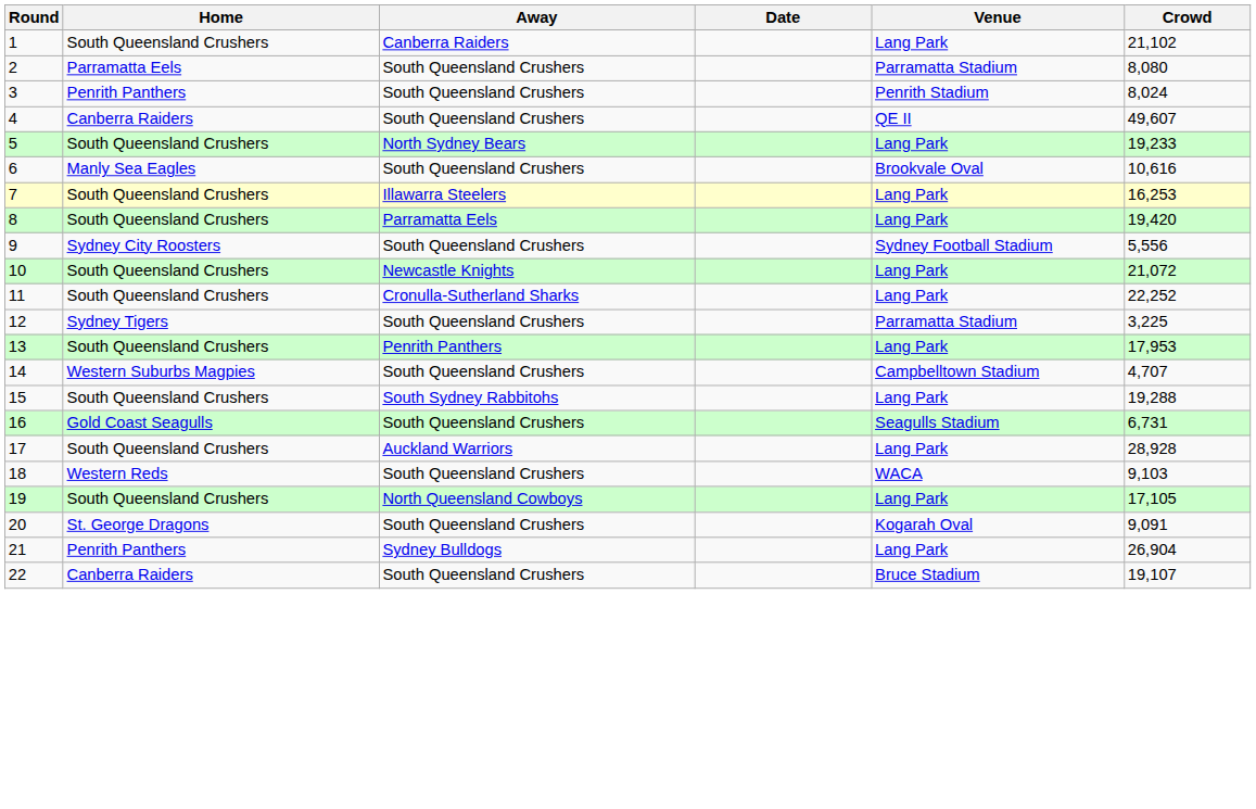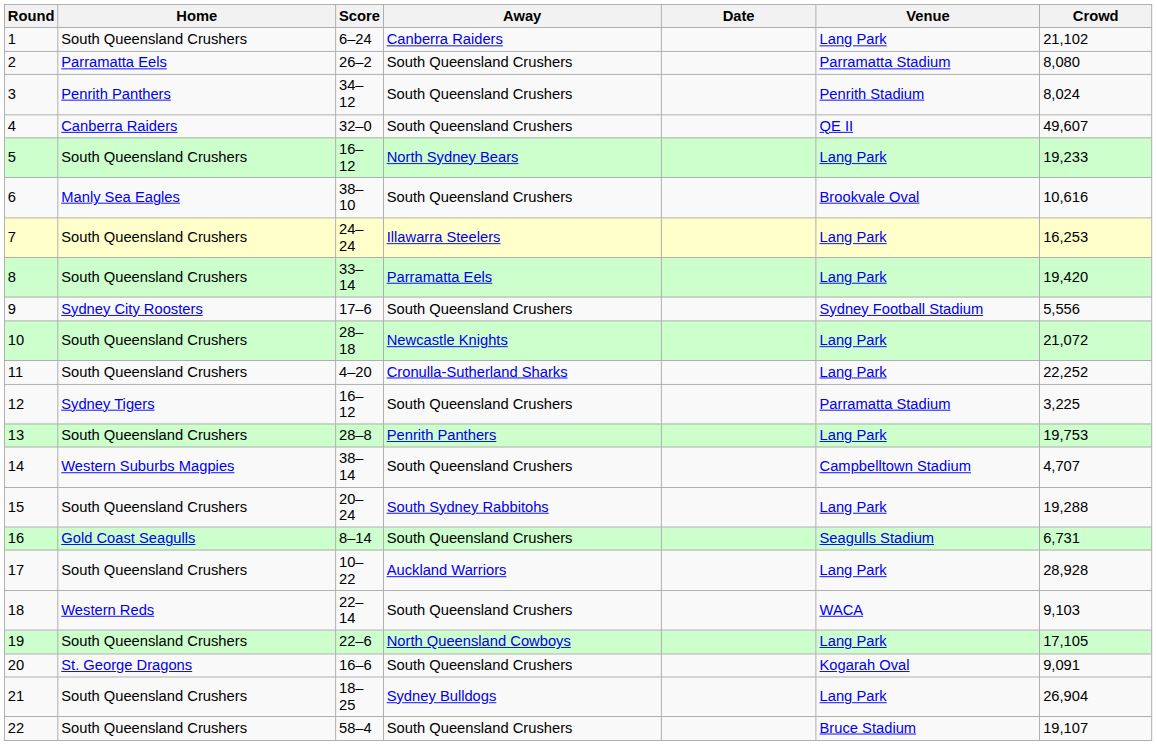 <table class="wikitable sortable">
 <tr>
 <th width=2%>Round</th>
 <th width=25%>Home</th>
+<th width=4%>Score</th>
 <th width=25%>Away</th>
 <th width=14%>Date</th>
 <th width=20%>Venue</th>
 <th width=10%>Crowd</th>
 </tr>
 <tr>
 <td>1</td>
 <td align=left>South Queensland Crushers</td>
+<td>6–24</td>
 <td align=left><a href='#'>Canberra Raiders</a></td>
 <td></td>
 <td><a href='#'>Lang Park</a></td>
 <td>21,102</td>
 </tr>
 <tr>
 <td>2</td>
 <td align=left><a href='#'>Parramatta Eels</a></td>
+<td>26–2</td>
 <td align=left>South Queensland Crushers</td>
 <td></td>
 <td><a href='#'>Parramatta Stadium</a></td>
 <td>8,080</td>
 </tr>
 <tr>
 <td>3</td>
 <td align=left><a href='#'>Penrith Panthers</a></td>
+<td>34–12</td>
 <td align=left>South Queensland Crushers</td>
 <td></td>
 <td><a href='#'>Penrith Stadium</a></td>
 <td>8,024</td>
 </tr>
 <tr>
 <td>4</td>
 <td align=left><a href='#'>Canberra Raiders</a></td>
+<td>32–0</td>
 <td align=left>South Queensland Crushers</td>
 <td></td>
 <td><a href='#'>QE II</a></td>
 <td>49,607</td>
 </tr>
 <tr bgcolor=#ccffcc>
 <td>5</td>
 <td align=left>South Queensland Crushers</td>
+<td>16–12</td>
 <td align=left><a href='#'>North Sydney Bears</a></td>
 <td></td>
 <td><a href='#'>Lang Park</a></td>
 <td>19,233</td>
 </tr>
 <tr>
 <td>6</td>
 <td align=left><a href='#'>Manly Sea Eagles</a></td>
+<td>38–10</td>
 <td align=left>South Queensland Crushers</td>
 <td></td>
 <td><a href='#'>Brookvale Oval</a></td>
 <td>10,616</td>
 </tr>
 <tr bgcolor=#ffffcc>
 <td>7</td>
 <td align=left>South Queensland Crushers</td>
+<td>24–24</td>
 <td align=left><a href='#'>Illawarra Steelers</a></td>
 <td></td>
 <td><a href='#'>Lang Park</a></td>
 <td>16,253</td>
 </tr>
 <tr bgcolor=#ccffcc>
 <td>8</td>
 <td align=left>South Queensland Crushers</td>
+<td>33–14</td>
 <td align=left><a href='#'>Parramatta Eels</a></td>
 <td></td>
 <td><a href='#'>Lang Park</a></td>
 <td>19,420</td>
 </tr>
 <tr>
 <td>9</td>
 <td align=left><a href='#'>Sydney City Roosters</a></td>
+<td>17–6</td>
 <td align=left>South Queensland Crushers</td>
 <td></td>
 <td><a href='#'>Sydney Football Stadium</a></td>
 <td>5,556</td>
 </tr>
 <tr bgcolor=#ccffcc>
 <td>10</td>
 <td align=left>South Queensland Crushers</td>
+<td>28–18</td>
 <td align=left><a href='#'>Newcastle Knights</a></td>
 <td></td>
 <td><a href='#'>Lang Park</a></td>
 <td>21,072</td>
 </tr>
 <tr>
 <td>11</td>
 <td align=left>South Queensland Crushers</td>
+<td>4–20</td>
 <td align=left><a href='#'>Cronulla-Sutherland Sharks</a></td>
 <td></td>
 <td><a href='#'>Lang Park</a></td>
 <td>22,252</td>
 </tr>
 <tr>
 <td>12</td>
 <td align=left><a href='#'>Sydney Tigers</a></td>
+<td>16–12</td>
 <td align=left>South Queensland Crushers</td>
 <td></td>
 <td><a href='#'>Parramatta Stadium</a></td>
 <td>3,225</td>
 </tr>
 <tr bgcolor=#ccffcc>
 <td>13</td>
 <td align=left>South Queensland Crushers</td>
+<td>28–8</td>
 <td align=left><a href='#'>Penrith Panthers</a></td>
 <td></td>
 <td><a href='#'>Lang Park</a></td>
-<td>17,953</td>
+<td>19,753</td>
 </tr>
 <tr>
 <td>14</td>
 <td align=left><a href='#'>Western Suburbs Magpies</a></td>
+<td>38–14</td>
 <td align=left>South Queensland Crushers</td>
 <td></td>
 <td><a href='#'>Campbelltown Stadium</a></td>
 <td>4,707</td>
 </tr>
 <tr>
 <td>15</td>
 <td align=left>South Queensland Crushers</td>
+<td>20–24</td>
 <td align=left><a href='#'>South Sydney Rabbitohs</a></td>
 <td></td>
 <td><a href='#'>Lang Park</a></td>
 <td>19,288</td>
 </tr>
 <tr bgcolor=#ccffcc>
 <td>16</td>
 <td align=left><a href='#'>Gold Coast Seagulls</a></td>
+<td>8–14</td>
 <td align=left>South Queensland Crushers</td>
 <td></td>
 <td><a href='#'>Seagulls Stadium</a></td>
 <td>6,731</td>
 </tr>
 <tr>
 <td>17</td>
 <td align=left>South Queensland Crushers</td>
+<td>10–22</td>
 <td align=left><a href='#'>Auckland Warriors</a></td>
 <td></td>
 <td><a href='#'>Lang Park</a></td>
 <td>28,928</td>
 </tr>
 <tr>
 <td>18</td>
 <td align=left><a href='#'>Western Reds</a></td>
+<td>22–14</td>
 <td align=left>South Queensland Crushers</td>
 <td></td>
 <td><a href='#'>WACA</a></td>
 <td>9,103</td>
 </tr>
 <tr bgcolor=#ccffcc>
 <td>19</td>
 <td align=left>South Queensland Crushers</td>
+<td>22–6</td>
 <td align=left><a href='#'>North Queensland Cowboys</a></td>
 <td></td>
 <td><a href='#'>Lang Park</a></td>
 <td>17,105</td>
 </tr>
 <tr>
 <td>20</td>
 <td align=left><a href='#'>St. George Dragons</a></td>
+<td>16–6</td>
 <td align=left>South Queensland Crushers</td>
 <td></td>
 <td><a href='#'>Kogarah Oval</a></td>
 <td>9,091</td>
 </tr>
 <tr>
 <td>21</td>
-<td align=left><a href='#'>Penrith Panthers</a></td>
+<td align=left>South Queensland Crushers</td>
+<td>18–25</td>
 <td align=left><a href='#'>Sydney Bulldogs</a></td>
 <td></td>
 <td><a href='#'>Lang Park</a></td>
 <td>26,904</td>
 </tr>
 <tr>
 <td>22</td>
-<td align=left><a href='#'>Canberra Raiders</a></td>
+<td align=left>South Queensland Crushers</td>
+<td>58–4</td>
 <td align=left>South Queensland Crushers</td>
 <td></td>
 <td><a href='#'>Bruce Stadium</a></td>
 <td>19,107</td>
 </tr>
 </table>
